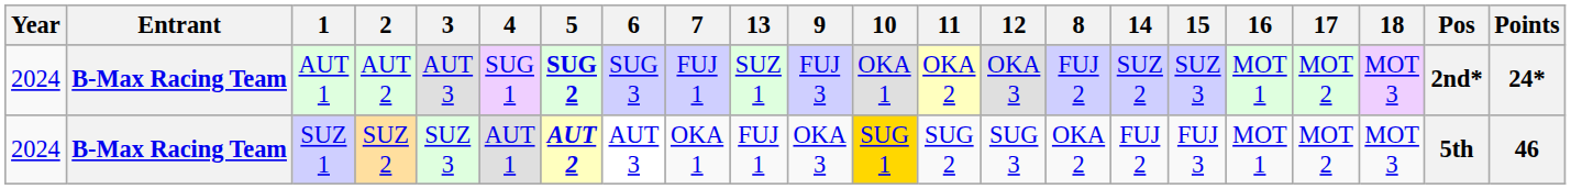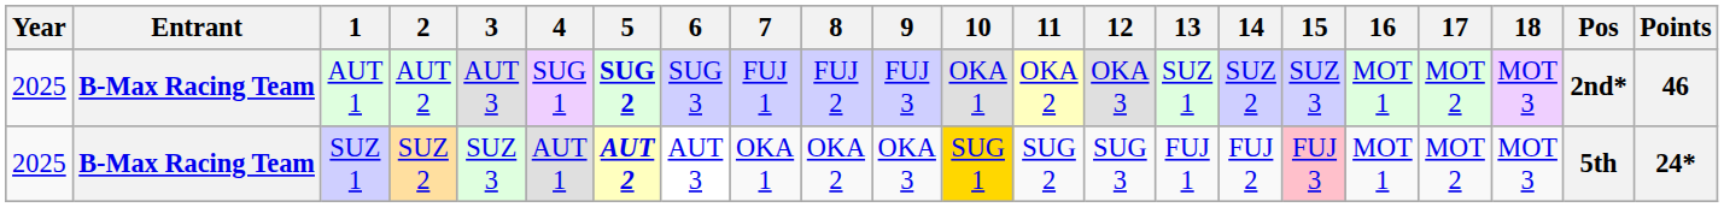 <table class="wikitable" style="text-align:center; font-size:85%">
 <tr>
 <th>Year</th>
 <th>Entrant</th>
 <th>1</th>
 <th>2</th>
 <th>3</th>
 <th>4</th>
 <th>5</th>
 <th>6</th>
 <th>7</th>
-<th>13</th>
+<th>8</th>
 <th>9</th>
 <th>10</th>
 <th>11</th>
 <th>12</th>
-<th>8</th>
+<th>13</th>
 <th>14</th>
 <th>15</th>
 <th>16</th>
 <th>17</th>
 <th>18</th>
 <th>Pos</th>
 <th>Points</th>
 </tr>
 <tr>
-<td><a href='#'>2024</a></td>
+<td><a href='#'>2025</a></td>
 <th nowrap><a href='#'>B-Max Racing Team</a></th>
 <td style="background:#DFFFDF;"><a href='#'>AUT<br>1</a><br></td>
 <td style="background:#DFFFDF;"><a href='#'>AUT<br>2</a><br></td>
 <td style="background:#DFDFDF;"><a href='#'>AUT<br>3</a><br></td>
 <td style="background:#EFCFFF;"><a href='#'>SUG<br>1</a><br></td>
 <td style="background:#DFFFDF;"><strong><a href='#'>SUG<br>2</a></strong><br></td>
 <td style="background:#CFCFFF;"><a href='#'>SUG<br>3</a><br></td>
 <td style="background:#CFCFFF;"><a href='#'>FUJ<br>1</a><br></td>
-<td style="background:#DFFFDF;"><a href='#'>SUZ<br>1</a><br></td>
+<td style="background:#CFCFFF;"><a href='#'>FUJ<br>2</a><br></td>
 <td style="background:#CFCFFF;"><a href='#'>FUJ<br>3</a><br></td>
 <td style="background:#DFDFDF;"><a href='#'>OKA<br>1</a><br></td>
 <td style="background:#FFFFBF;"><a href='#'>OKA<br>2</a><br></td>
 <td style="background:#DFDFDF;"><a href='#'>OKA<br>3</a><br></td>
-<td style="background:#CFCFFF;"><a href='#'>FUJ<br>2</a><br></td>
+<td style="background:#DFFFDF;"><a href='#'>SUZ<br>1</a><br></td>
 <td style="background:#CFCFFF;"><a href='#'>SUZ<br>2</a><br></td>
 <td style="background:#CFCFFF;"><a href='#'>SUZ<br>3</a><br></td>
 <td style="background:#DFFFDF;"><a href='#'>MOT<br>1</a><br></td>
 <td style="background:#DFFFDF;"><a href='#'>MOT<br>2</a><br></td>
 <td style="background:#EFCFFF;"><a href='#'>MOT<br>3</a><br></td>
 <th>2nd*</th>
-<th>24*</th>
+<th>46</th>
 </tr>
 <tr>
-<td><a href='#'>2024</a></td>
+<td><a href='#'>2025</a></td>
 <th nowrap><a href='#'>B-Max Racing Team</a></th>
 <td style="background:#CFCFFF;"><a href='#'>SUZ<br>1</a><br></td>
 <td style="background:#FFDF9F;"><a href='#'>SUZ<br>2</a><br></td>
 <td style="background:#DFFFDF;"><a href='#'>SUZ<br>3</a><br></td>
 <td style="background:#DFDFDF"><a href='#'>AUT<br>1</a><br></td>
 <td style="background:#FFFFBF"><strong><em><a href='#'>AUT<br>2</a></em></strong><br></td>
 <td style="background:#FFFFFF"><a href='#'>AUT<br>3</a><br></td>
 <td><a href='#'>OKA<br>1</a></td>
-<td><a href='#'>FUJ<br>1</a></td>
+<td><a href='#'>OKA<br>2</a></td>
 <td><a href='#'>OKA<br>3</a></td>
 <td style="background: gold;"><a href='#'>SUG<br>1</a></td>
 <td><a href='#'>SUG<br>2</a></td>
 <td><a href='#'>SUG<br>3</a></td>
-<td><a href='#'>OKA<br>2</a></td>
+<td><a href='#'>FUJ<br>1</a></td>
 <td><a href='#'>FUJ<br>2</a></td>
-<td><a href='#'>FUJ<br>3</a></td>
+<td style="background: pink;"><a href='#'>FUJ<br>3</a></td>
 <td><a href='#'>MOT<br>1</a></td>
 <td><a href='#'>MOT<br>2</a></td>
 <td><a href='#'>MOT<br>3</a></td>
 <th>5th</th>
-<th>46</th>
+<th>24*</th>
 </tr>
 </table>
